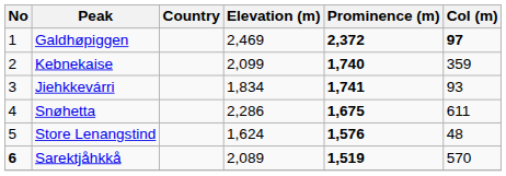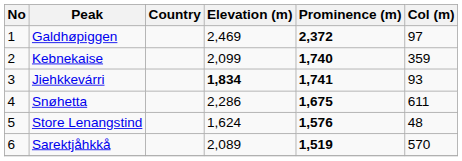 <table class="wikitable sortable">
 <tr>
 <th>No</th>
 <th>Peak</th>
 <th>Country</th>
 <th>Elevation (m)</th>
 <th>Prominence (m)</th>
 <th>Col (m)</th>
 </tr>
 <tr>
 <td>1</td>
 <td><a href='#'>Galdhøpiggen</a></td>
 <td></td>
 <td>2,469</td>
 <td><strong>2,372</strong></td>
-<td><strong>97</strong></td>
+<td>97</td>
 </tr>
 <tr>
 <td>2</td>
 <td><a href='#'>Kebnekaise</a></td>
 <td></td>
 <td>2,099</td>
 <td><strong>1,740</strong></td>
 <td>359</td>
 </tr>
 <tr>
 <td>3</td>
 <td><a href='#'>Jiehkkevárri</a></td>
 <td></td>
-<td>1,834</td>
+<td><strong>1,834</strong></td>
 <td><strong>1,741</strong></td>
 <td>93</td>
 </tr>
 <tr>
 <td>4</td>
 <td><a href='#'>Snøhetta</a></td>
 <td></td>
 <td>2,286</td>
 <td><strong>1,675</strong></td>
 <td>611</td>
 </tr>
 <tr>
 <td>5</td>
 <td><a href='#'>Store Lenangstind</a></td>
 <td></td>
 <td>1,624</td>
 <td><strong>1,576</strong></td>
 <td>48</td>
 </tr>
 <tr>
-<td><strong>6</strong></td>
+<td>6</td>
 <td><a href='#'>Sarektjåhkkå</a></td>
 <td></td>
 <td>2,089</td>
 <td><strong>1,519</strong></td>
 <td>570</td>
 </tr>
 <tr>
 </tr>
 </table>
